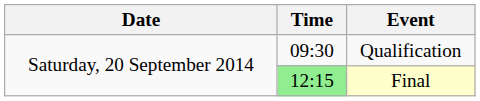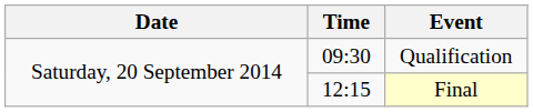 <table class = "wikitable" style="text-align:center;">
 <tr>
 <th width=220>Date</th>
 <th width=50>Time</th>
 <th width=100>Event</th>
 </tr>
 <tr>
 <td rowspan=2>Saturday, 20 September 2014</td>
 <td>09:30</td>
 <td>Qualification</td>
 </tr>
 <tr>
-<td style="background: lightgreen;">12:15</td>
+<td>12:15</td>
 <td bgcolor=ffffcc>Final</td>
 </tr>
 </table>
